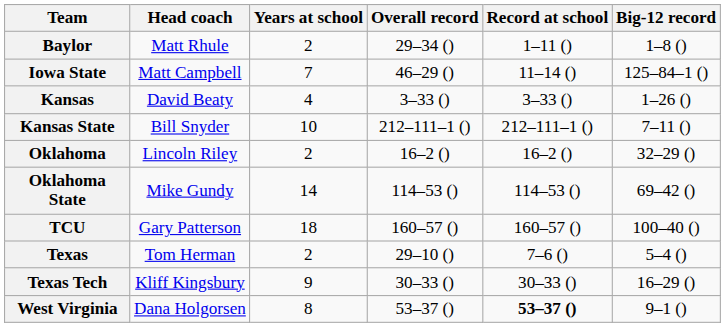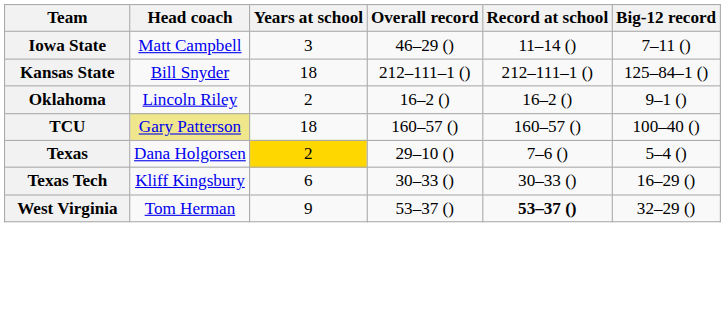 <table class="wikitable sortable" style="text-align: center;">
 <tr>
 <th style="width:110px;">Team</th>
 <th>Head coach</th>
 <th>Years at school</th>
 <th>Overall record</th>
 <th>Record at school</th>
 <th>Big-12 record</th>
 </tr>
 <tr>
-<th>Baylor</th>
-<td><a href='#'>Matt Rhule</a></td>
-<td>2</td>
-<td>29–34 ()</td>
-<td>1–11 ()</td>
-<td>1–8 ()</td>
-</tr>
-<tr>
 <th>Iowa State</th>
 <td><a href='#'>Matt Campbell</a></td>
-<td>7</td>
+<td>3</td>
 <td>46–29 ()</td>
 <td>11–14 ()</td>
-<td>125–84–1 ()</td>
-</tr>
-<tr>
-<th>Kansas</th>
-<td><a href='#'>David Beaty</a></td>
-<td>4</td>
-<td>3–33 ()</td>
-<td>3–33 ()</td>
-<td>1–26 ()</td>
+<td>7–11 ()</td>
 </tr>
 <tr>
 <th>Kansas State</th>
 <td><a href='#'>Bill Snyder</a></td>
-<td>10</td>
+<td>18</td>
 <td>212–111–1 ()</td>
 <td>212–111–1 ()</td>
-<td>7–11 ()</td>
+<td>125–84–1 ()</td>
 </tr>
 <tr>
 <th>Oklahoma</th>
 <td><a href='#'>Lincoln Riley</a></td>
 <td>2</td>
 <td>16–2 ()</td>
 <td>16–2 ()</td>
-<td>32–29 ()</td>
-</tr>
-<tr>
-<th>Oklahoma State</th>
-<td><a href='#'>Mike Gundy</a></td>
-<td>14</td>
-<td>114–53 ()</td>
-<td>114–53 ()</td>
-<td>69–42 ()</td>
+<td>9–1 ()</td>
 </tr>
 <tr>
 <th>TCU</th>
-<td><a href='#'>Gary Patterson</a></td>
+<td style="background: khaki;"><a href='#'>Gary Patterson</a></td>
 <td>18</td>
 <td>160–57 ()</td>
 <td>160–57 ()</td>
 <td>100–40 ()</td>
 </tr>
 <tr>
 <th>Texas</th>
-<td><a href='#'>Tom Herman</a></td>
-<td>2</td>
+<td><a href='#'>Dana Holgorsen</a></td>
+<td style="background: gold;">2</td>
 <td>29–10 ()</td>
 <td>7–6 ()</td>
 <td>5–4 ()</td>
 </tr>
 <tr>
 <th>Texas Tech</th>
 <td><a href='#'>Kliff Kingsbury</a></td>
-<td>9</td>
+<td>6</td>
 <td>30–33 ()</td>
 <td>30–33 ()</td>
 <td>16–29 ()</td>
 </tr>
 <tr>
 <th>West Virginia</th>
-<td><a href='#'>Dana Holgorsen</a></td>
-<td>8</td>
+<td><a href='#'>Tom Herman</a></td>
+<td>9</td>
 <td>53–37 ()</td>
 <td><strong>53–37 ()</strong></td>
-<td>9–1 ()</td>
+<td>32–29 ()</td>
 </tr>
 </table>
